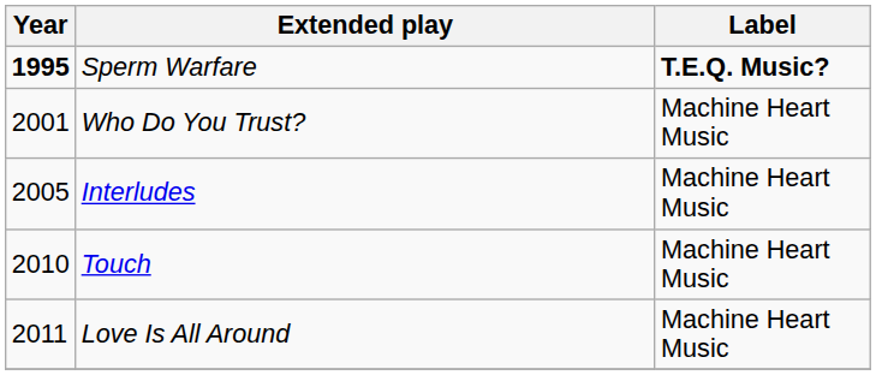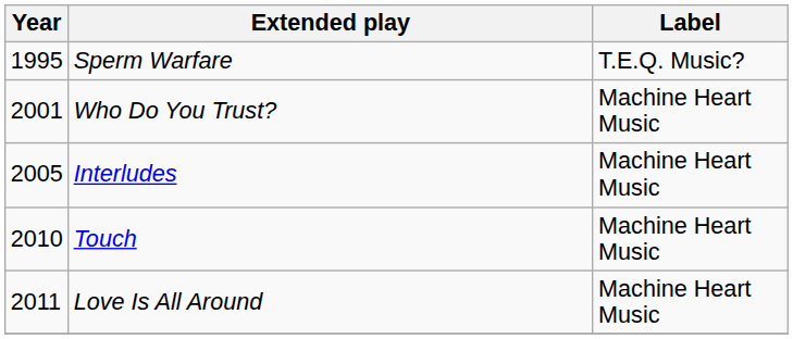 <table class="wikitable">
 <tr>
 <th width="30">Year</th>
 <th width="350">Extended play</th>
 <th width="125">Label</th>
 </tr>
 <tr>
-<td><strong>1995</strong></td>
+<td>1995</td>
 <td><em>Sperm Warfare</em></td>
-<td><strong>T.E.Q. Music?</strong></td>
+<td>T.E.Q. Music?</td>
 </tr>
 <tr>
 <td>2001</td>
 <td><em>Who Do You Trust?</em></td>
 <td>Machine Heart Music</td>
 </tr>
 <tr>
 <td>2005</td>
 <td><em><a href='#'>Interludes</a></em></td>
 <td>Machine Heart Music</td>
 </tr>
 <tr>
 <td>2010</td>
 <td><em><a href='#'>Touch</a></em></td>
 <td>Machine Heart Music</td>
 </tr>
 <tr>
 <td>2011</td>
 <td><em>Love Is All Around</em></td>
 <td>Machine Heart Music</td>
 </tr>
 <tr>
 </tr>
 </table>
